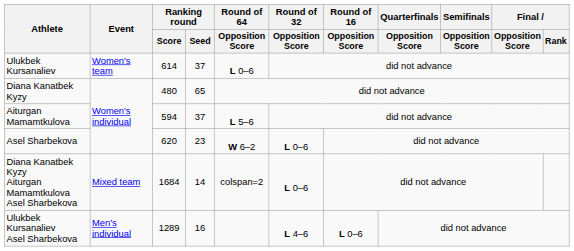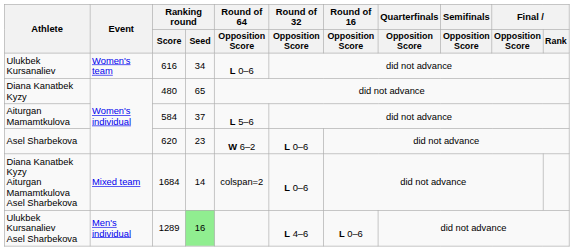 <table class="wikitable" style="font-size:90%; text-align:center;">
 <tr>
 <th rowspan="2">Athlete</th>
 <th rowspan="2">Event</th>
 <th colspan="2">Ranking round</th>
 <th>Round of 64</th>
 <th>Round of 32</th>
 <th>Round of 16</th>
 <th>Quarterfinals</th>
 <th>Semifinals</th>
 <th colspan=2>Final / </th>
 </tr>
 <tr style=font-size:95%>
 <th>Score</th>
 <th>Seed</th>
 <th>Opposition<br>Score</th>
 <th>Opposition<br>Score</th>
 <th>Opposition<br>Score</th>
 <th>Opposition<br>Score</th>
 <th>Opposition<br>Score</th>
 <th>Opposition<br>Score</th>
 <th>Rank</th>
 </tr>
 <tr>
 <td align=left>Ulukbek Kursanaliev</td>
 <td align=left><a href='#'>Women's team</a></td>
-<td>614</td>
-<td>37</td>
+<td>616</td>
+<td>34</td>
 <td><br><strong>L</strong> 0–6</td>
 <td colspan=6>did not advance</td>
 </tr>
 <tr>
 <td align=left>Diana Kanatbek Kyzy</td>
 <td align=left rowspan=3><a href='#'>Women's individual</a></td>
 <td>480</td>
 <td>65</td>
 <td colspan=7>did not advance</td>
 </tr>
 <tr>
 <td align=left>Aiturgan Mamamtkulova</td>
-<td>594</td>
+<td>584</td>
 <td>37</td>
 <td><br><strong>L</strong> 5–6</td>
 <td colspan=6>did not advance</td>
 </tr>
 <tr>
 <td align=left>Asel Sharbekova</td>
 <td>620</td>
 <td>23</td>
 <td><br><strong>W</strong> 6–2</td>
 <td><br><strong>L</strong> 0–6</td>
 <td colspan=5>did not advance</td>
 </tr>
 <tr>
 <td align=left>Diana Kanatbek Kyzy<br>Aiturgan Mamamtkulova<br>Asel Sharbekova</td>
 <td align=left><a href='#'>Mixed team</a></td>
 <td>1684</td>
 <td>14</td>
 <td>colspan=2</td>
 <td><br><strong>L</strong> 0–6</td>
 <td colspan=4>did not advance</td>
 </tr>
 <tr>
 <td align=left>Ulukbek Kursanaliev<br>Asel Sharbekova</td>
 <td align=left><a href='#'>Men's individual</a></td>
 <td>1289</td>
-<td>16</td>
+<td style="background: lightgreen;">16</td>
 <td></td>
 <td><br><strong>L</strong> 4–6</td>
 <td><br><strong>L</strong> 0–6</td>
 <td colspan=4>did not advance</td>
 </tr>
 </table>
